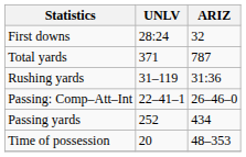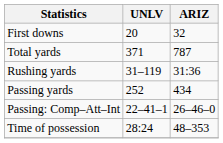 <table class="wikitable" style="float: left;">
 <tr>
 <th>Statistics</th>
 <th>UNLV</th>
 <th>ARIZ</th>
 </tr>
 <tr>
 <td>First downs</td>
-<td>28:24</td>
+<td>20</td>
 <td>32</td>
 </tr>
 <tr>
 <td>Total yards</td>
 <td>371</td>
 <td>787</td>
 </tr>
 <tr>
 <td>Rushing yards</td>
 <td>31–119</td>
 <td>31:36</td>
 </tr>
 <tr>
+<td>Passing yards</td>
+<td>252</td>
+<td>434</td>
+</tr>
+<tr>
 <td>Passing: Comp–Att–Int</td>
 <td>22–41–1</td>
 <td>26–46–0</td>
 </tr>
 <tr>
-<td>Passing yards</td>
-<td>252</td>
-<td>434</td>
-</tr>
-<tr>
 <td>Time of possession</td>
-<td>20</td>
+<td>28:24</td>
 <td>48–353</td>
 </tr>
 <tr>
 </tr>
 </table>
